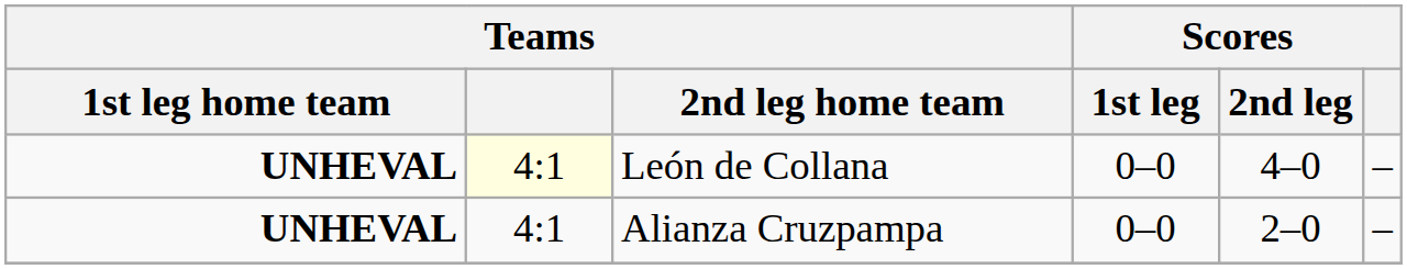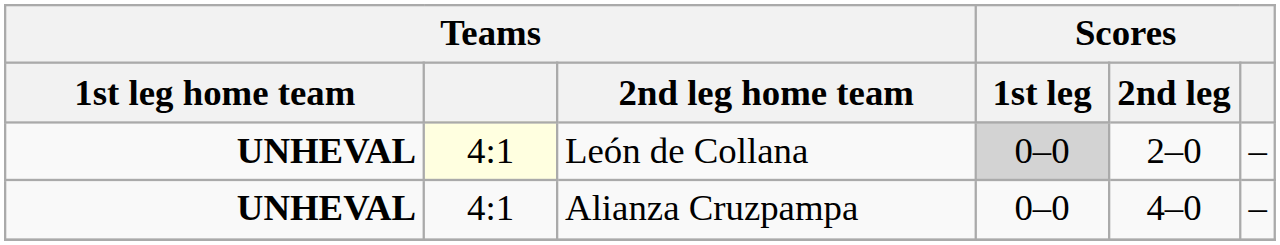 <table class="wikitable" style="text-align: center;">
 <tr>
 <th colspan=3>Teams</th>
 <th colspan=3>Scores</th>
 </tr>
 <tr>
 <th width="175">1st leg home team</th>
 <th width="50"></th>
 <th width="175">2nd leg home team</th>
 <th width="50">1st leg</th>
 <th width="50">2nd leg</th>
 <th></th>
 </tr>
 <tr>
 <td align=right><strong>UNHEVAL</strong></td>
 <td style="background: lightyellow;">4:1</td>
 <td align=left>León de Collana</td>
-<td>0–0</td>
-<td>4–0</td>
+<td style="background: lightgrey;">0–0</td>
+<td>2–0</td>
 <td>–</td>
 </tr>
 <tr>
 <td align=right><strong>UNHEVAL</strong></td>
 <td>4:1</td>
 <td align=left>Alianza Cruzpampa</td>
 <td>0–0</td>
-<td>2–0</td>
+<td>4–0</td>
 <td>–</td>
 </tr>
 <tr>
 </tr>
 </table>
